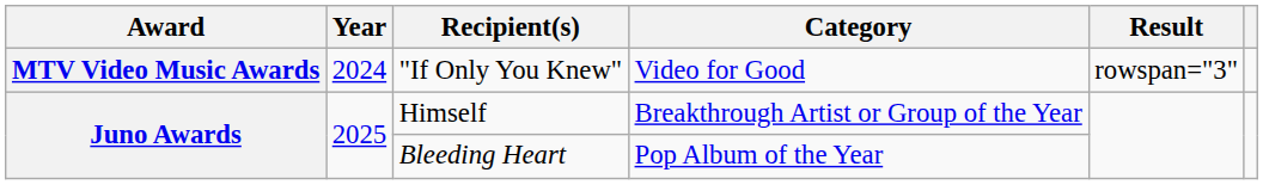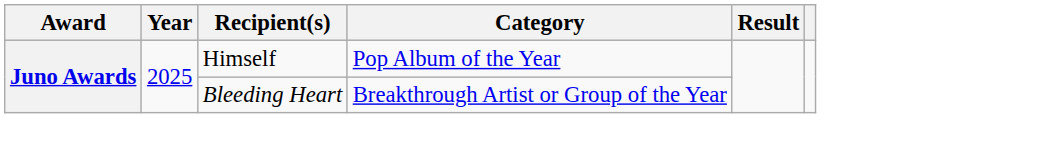 <table class="wikitable sortable plainrowheaders">
 <tr>
 <th scope="col">Award</th>
 <th scope="col">Year</th>
 <th scope="col">Recipient(s)</th>
 <th scope="col">Category</th>
 <th scope="col">Result</th>
 <th scope="col" class="unsortable"></th>
 </tr>
 <tr>
-<th scope="row"><a href='#'>MTV Video Music Awards</a></th>
-<td><a href='#'>2024</a></td>
-<td>"If Only You Knew"</td>
-<td><a href='#'>Video for Good</a></td>
-<td>rowspan="3" </td>
-<td></td>
-</tr>
-<tr>
 <th scope="row" rowspan="2"><a href='#'>Juno Awards</a></th>
 <td rowspan="2"><a href='#'>2025</a></td>
 <td>Himself</td>
-<td><a href='#'>Breakthrough Artist or Group of the Year</a></td>
+<td><a href='#'>Pop Album of the Year</a></td>
 <td rowspan="2"></td>
 </tr>
 <tr>
 <td><em>Bleeding Heart</em></td>
-<td><a href='#'>Pop Album of the Year</a></td>
+<td><a href='#'>Breakthrough Artist or Group of the Year</a></td>
 </tr>
 </table>
